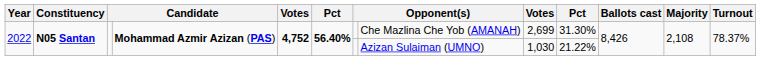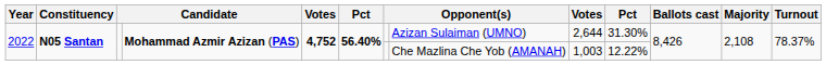 <table class="wikitable" style="margin:0.5em ; font-size:95%">
 <tr>
 <th>Year</th>
 <th>Constituency</th>
 <th colspan="2">Candidate</th>
 <th>Votes</th>
 <th>Pct</th>
 <th colspan="2">Opponent(s)</th>
 <th>Votes</th>
 <th>Pct</th>
 <th>Ballots cast</th>
 <th>Majority</th>
 <th>Turnout</th>
 </tr>
 <tr>
 <td rowspan=2><a href='#'>2022</a></td>
 <td rowspan=2><strong>N05 <a href='#'>Santan</a></strong></td>
 <td rowspan=2 bgcolor=></td>
 <td rowspan=2><strong>Mohammad Azmir Azizan</strong> (<a href='#'><strong>PAS</strong></a>)</td>
 <td rowspan=2 align="right"><strong>4,752</strong></td>
 <td rowspan=2 align="right"><strong>56.40%</strong></td>
 <td></td>
-<td>Che Mazlina Che Yob (<a href='#'>AMANAH</a>)</td>
-<td align="right">2,699</td>
+<td><a href='#'>Azizan Sulaiman</a> (<a href='#'>UMNO</a>)</td>
+<td align="right">2,644</td>
 <td align="right">31.30%</td>
 <td rowspan=2>8,426</td>
 <td rowspan=2>2,108</td>
 <td rowspan=2>78.37%</td>
 </tr>
 <tr>
 <td></td>
-<td><a href='#'>Azizan Sulaiman</a> (<a href='#'>UMNO</a>)</td>
-<td align="right">1,030</td>
-<td align="right">21.22%</td>
+<td>Che Mazlina Che Yob (<a href='#'>AMANAH</a>)</td>
+<td align="right">1,003</td>
+<td align="right">12.22%</td>
 </tr>
 </table>
